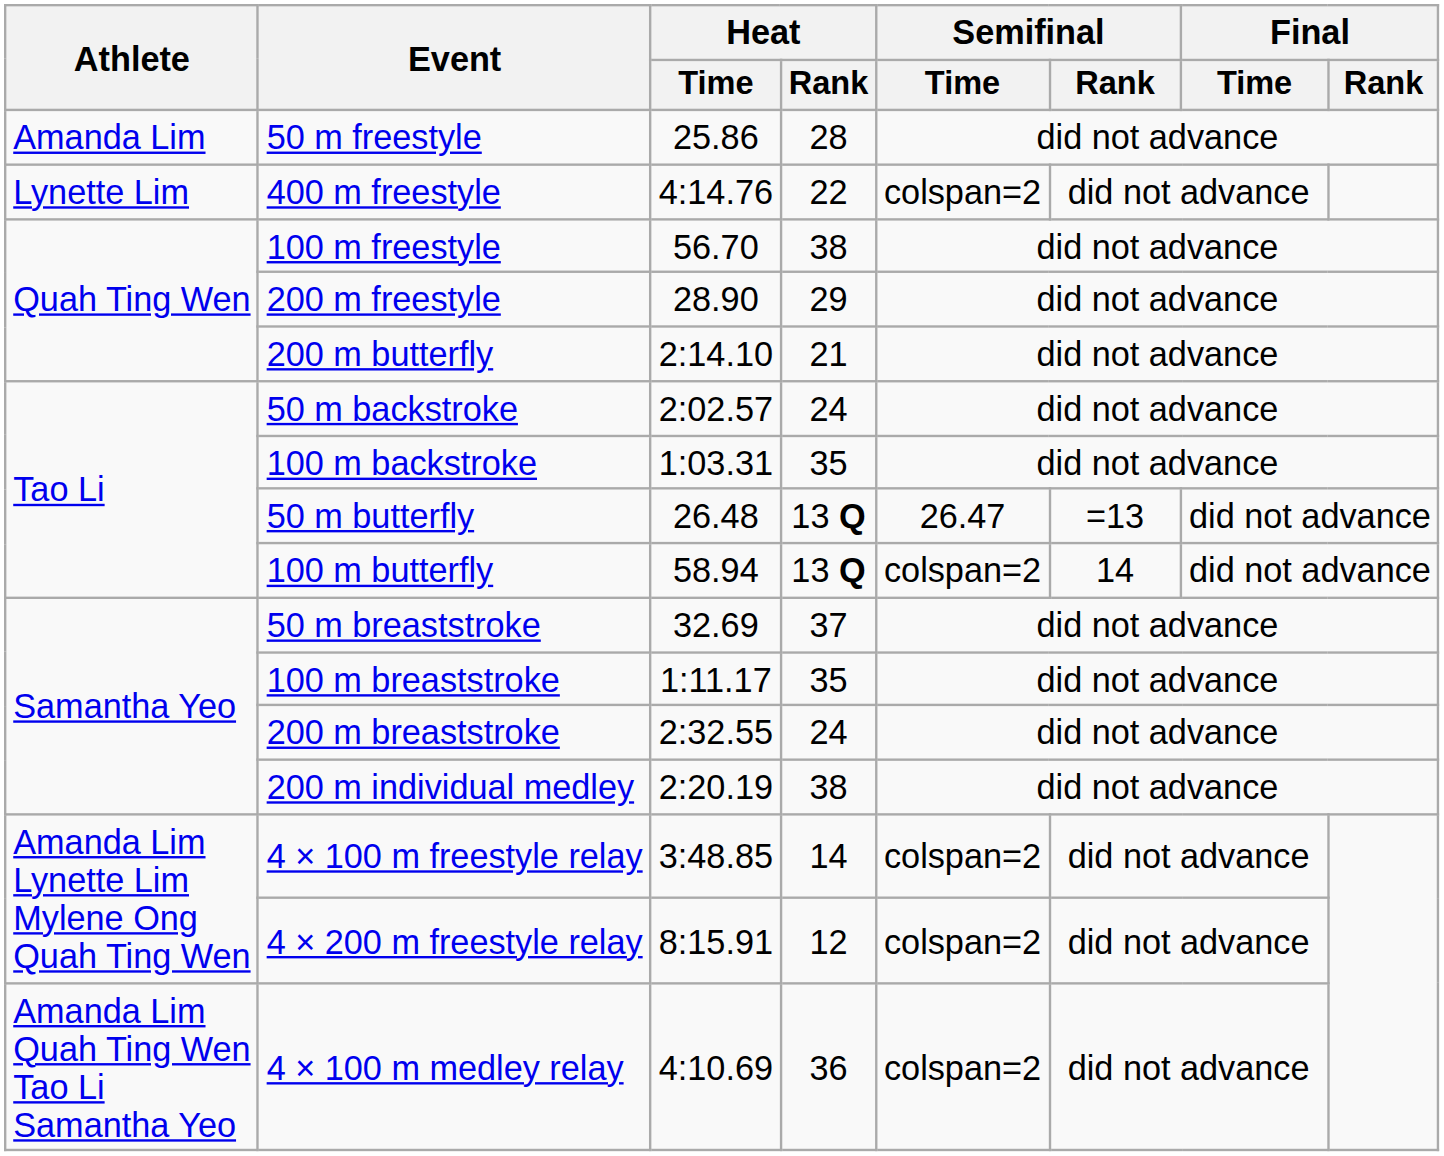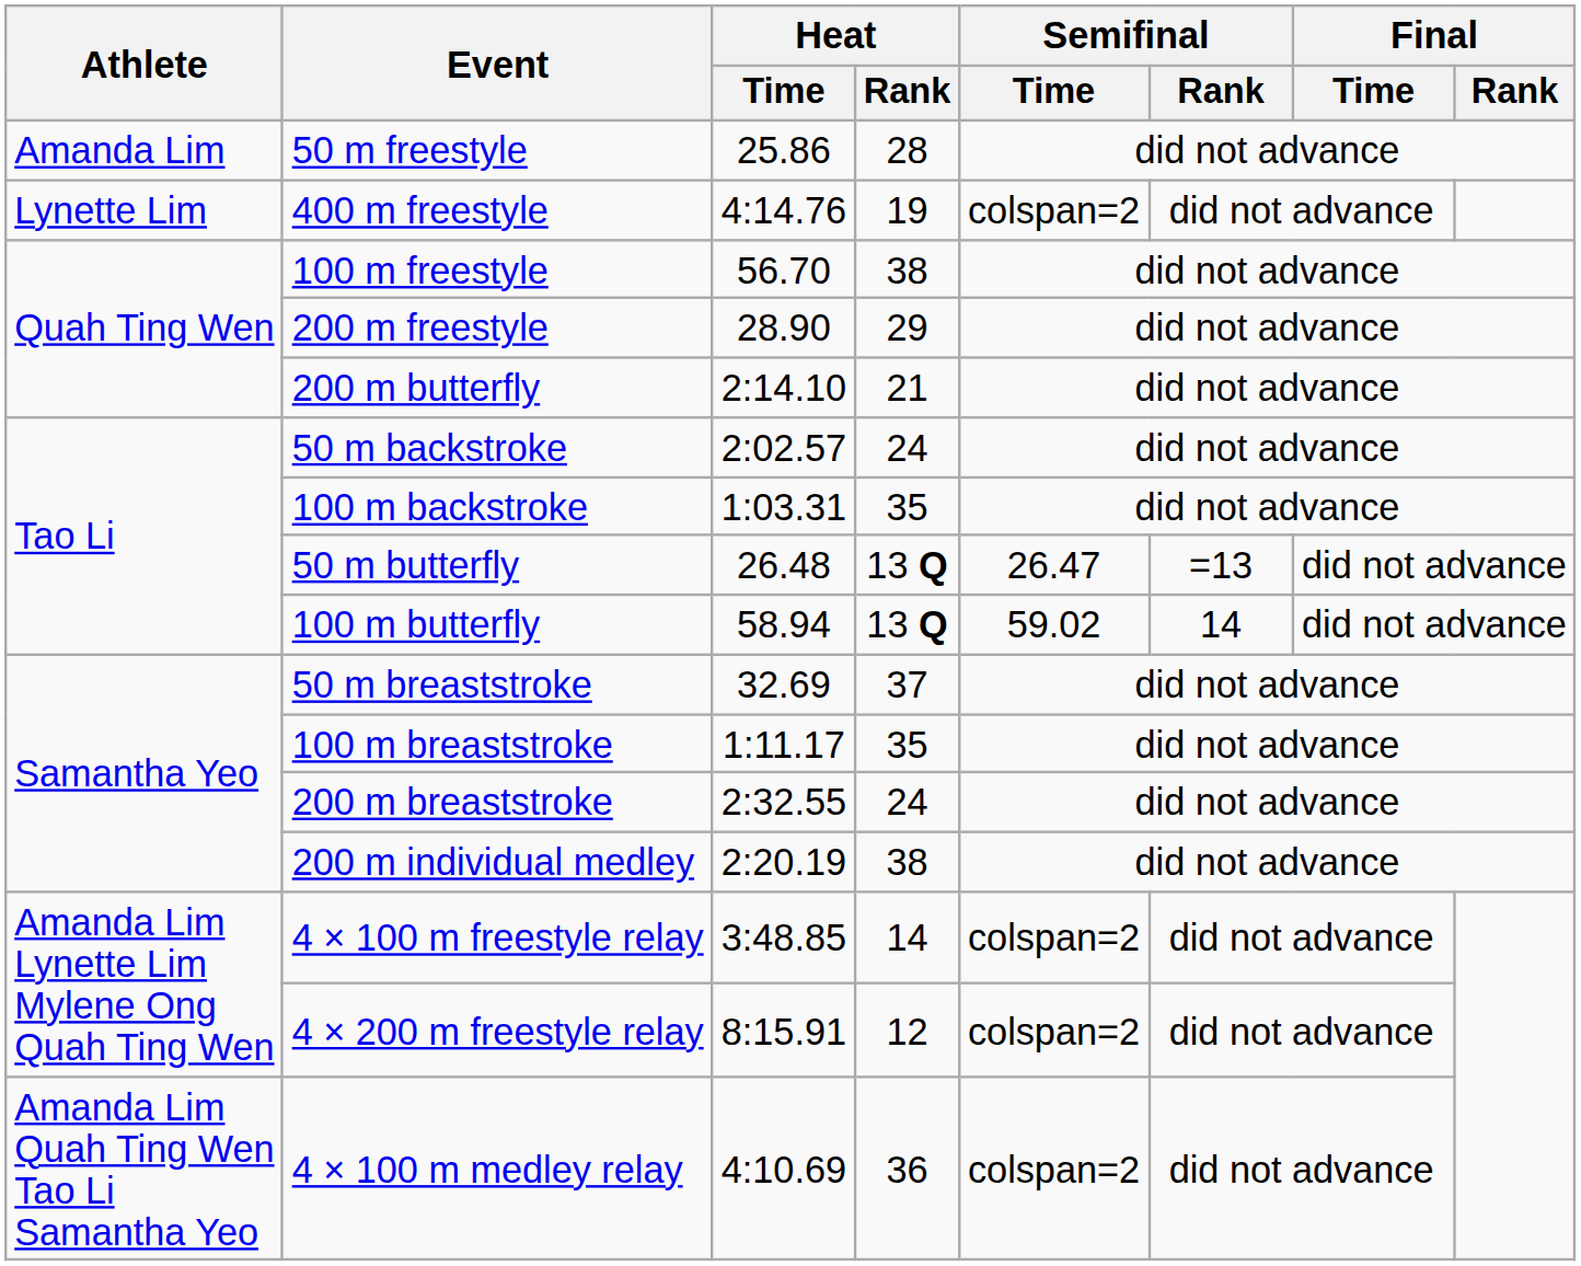 <table class=wikitable style="font-size:90%">
 <tr>
 <th rowspan="2">Athlete</th>
 <th rowspan="2">Event</th>
 <th colspan="2">Heat</th>
 <th colspan="2">Semifinal</th>
 <th colspan="2">Final</th>
 </tr>
 <tr style="font-size:95%">
 <th>Time</th>
 <th>Rank</th>
 <th>Time</th>
 <th>Rank</th>
 <th>Time</th>
 <th>Rank</th>
 </tr>
 <tr align=center>
 <td align=left><a href='#'>Amanda Lim</a></td>
 <td align=left><a href='#'>50 m freestyle</a></td>
 <td>25.86</td>
 <td>28</td>
 <td colspan=4>did not advance</td>
 </tr>
 <tr align=center>
 <td align=left><a href='#'>Lynette Lim</a></td>
 <td align=left><a href='#'>400 m freestyle</a></td>
 <td>4:14.76</td>
-<td>22</td>
+<td>19</td>
 <td>colspan=2 </td>
 <td colspan=2>did not advance</td>
 </tr>
 <tr align=center>
 <td align=left rowspan=3><a href='#'>Quah Ting Wen</a></td>
 <td align=left><a href='#'>100 m freestyle</a></td>
 <td>56.70</td>
 <td>38</td>
 <td colspan=4>did not advance</td>
 </tr>
 <tr align=center>
 <td align=left><a href='#'>200 m freestyle</a></td>
 <td>28.90</td>
 <td>29</td>
 <td colspan=4>did not advance</td>
 </tr>
 <tr align=center>
 <td align=left><a href='#'>200 m butterfly</a></td>
 <td>2:14.10</td>
 <td>21</td>
 <td colspan=4>did not advance</td>
 </tr>
 <tr align=center>
 <td align=left rowspan=4><a href='#'>Tao Li</a></td>
 <td align=left><a href='#'>50 m backstroke</a></td>
 <td>2:02.57</td>
 <td>24</td>
 <td colspan=4>did not advance</td>
 </tr>
 <tr align=center>
 <td align=left><a href='#'>100 m backstroke</a></td>
 <td>1:03.31</td>
 <td>35</td>
 <td colspan=4>did not advance</td>
 </tr>
 <tr align=center>
 <td align=left><a href='#'>50 m butterfly</a></td>
 <td>26.48</td>
 <td>13 <strong>Q</strong></td>
 <td>26.47</td>
 <td>=13</td>
 <td colspan=2>did not advance</td>
 </tr>
 <tr align=center>
 <td align=left><a href='#'>100 m butterfly</a></td>
 <td>58.94</td>
 <td>13 <strong>Q</strong></td>
-<td>colspan=2 </td>
+<td>59.02</td>
 <td>14</td>
 <td colspan=2>did not advance</td>
 </tr>
 <tr align=center>
 <td align=left rowspan=4><a href='#'>Samantha Yeo</a></td>
 <td align=left><a href='#'>50 m breaststroke</a></td>
 <td>32.69</td>
 <td>37</td>
 <td colspan=4>did not advance</td>
 </tr>
 <tr align=center>
 <td align=left><a href='#'>100 m breaststroke</a></td>
 <td>1:11.17</td>
 <td>35</td>
 <td colspan=4>did not advance</td>
 </tr>
 <tr align=center>
 <td align=left><a href='#'>200 m breaststroke</a></td>
 <td>2:32.55</td>
 <td>24</td>
 <td colspan=4>did not advance</td>
 </tr>
 <tr align=center>
 <td align=left><a href='#'>200 m individual medley</a></td>
 <td>2:20.19</td>
 <td>38</td>
 <td colspan=4>did not advance</td>
 </tr>
 <tr align=center>
 <td align=left rowspan=2><a href='#'>Amanda Lim</a><br><a href='#'>Lynette Lim</a><br><a href='#'>Mylene Ong</a><br><a href='#'>Quah Ting Wen</a></td>
 <td align=left><a href='#'>4 × 100 m freestyle relay</a></td>
 <td>3:48.85</td>
 <td>14</td>
 <td>colspan=2 </td>
 <td colspan=2>did not advance</td>
 </tr>
 <tr align=center>
 <td align=left><a href='#'>4 × 200 m freestyle relay</a></td>
 <td>8:15.91</td>
 <td>12</td>
 <td>colspan=2 </td>
 <td colspan=2>did not advance</td>
 </tr>
 <tr align=center>
 <td align=left><a href='#'>Amanda Lim</a><br><a href='#'>Quah Ting Wen</a><br><a href='#'>Tao Li</a><br><a href='#'>Samantha Yeo</a></td>
 <td align=left><a href='#'>4 × 100 m medley relay</a></td>
 <td>4:10.69</td>
 <td>36</td>
 <td>colspan=2 </td>
 <td colspan=2>did not advance</td>
 </tr>
 </table>
